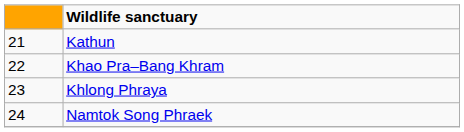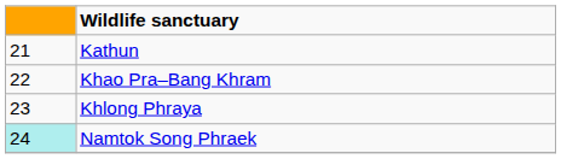 <table class= "wikitable" style= "width:30%; display:inline-table;">
 <tr>
 <td style="width=3%; background:#FFA400;"> </td>
 <td style="width=27%;"><strong>Wildlife sanctuary</strong></td>
 </tr>
 <tr>
 <td>21</td>
 <td><a href='#'>Kathun</a></td>
 </tr>
 <tr>
 <td>22</td>
 <td><a href='#'>Khao Pra–Bang Khram</a></td>
 </tr>
 <tr>
 <td>23</td>
 <td><a href='#'>Khlong Phraya</a></td>
 </tr>
 <tr>
-<td>24</td>
+<td style="background: paleturquoise;">24</td>
 <td><a href='#'>Namtok Song Phraek</a></td>
 </tr>
 <tr>
 </tr>
 </table>
